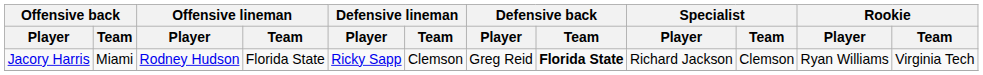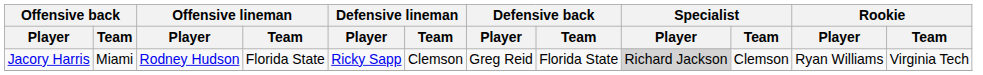 <table class="wikitable" border="1">
 <tr>
 <th colspan="2">Offensive back</th>
 <th colspan="2">Offensive lineman</th>
 <th colspan="2">Defensive lineman</th>
 <th colspan="2">Defensive back</th>
 <th colspan="2">Specialist</th>
 <th colspan="2">Rookie</th>
 </tr>
 <tr>
 <th>Player</th>
 <th>Team</th>
 <th>Player</th>
 <th>Team</th>
 <th>Player</th>
 <th>Team</th>
 <th>Player</th>
 <th>Team</th>
 <th>Player</th>
 <th>Team</th>
 <th>Player</th>
 <th>Team</th>
 </tr>
 <tr>
 <td><a href='#'>Jacory Harris</a></td>
 <td>Miami</td>
 <td><a href='#'>Rodney Hudson</a></td>
 <td>Florida State</td>
 <td><a href='#'>Ricky Sapp</a></td>
 <td>Clemson</td>
 <td>Greg Reid</td>
-<td><strong>Florida State</strong></td>
-<td>Richard Jackson</td>
+<td>Florida State</td>
+<td style="background: lightgrey;">Richard Jackson</td>
 <td>Clemson</td>
 <td>Ryan Williams</td>
 <td>Virginia Tech</td>
 </tr>
 <tr>
 </tr>
 </table>
